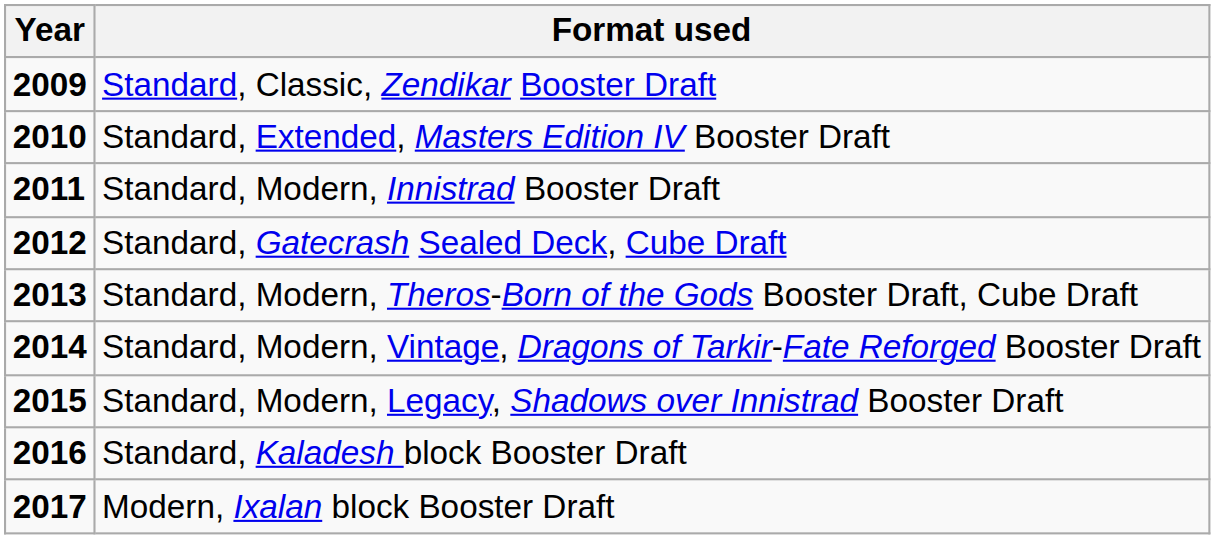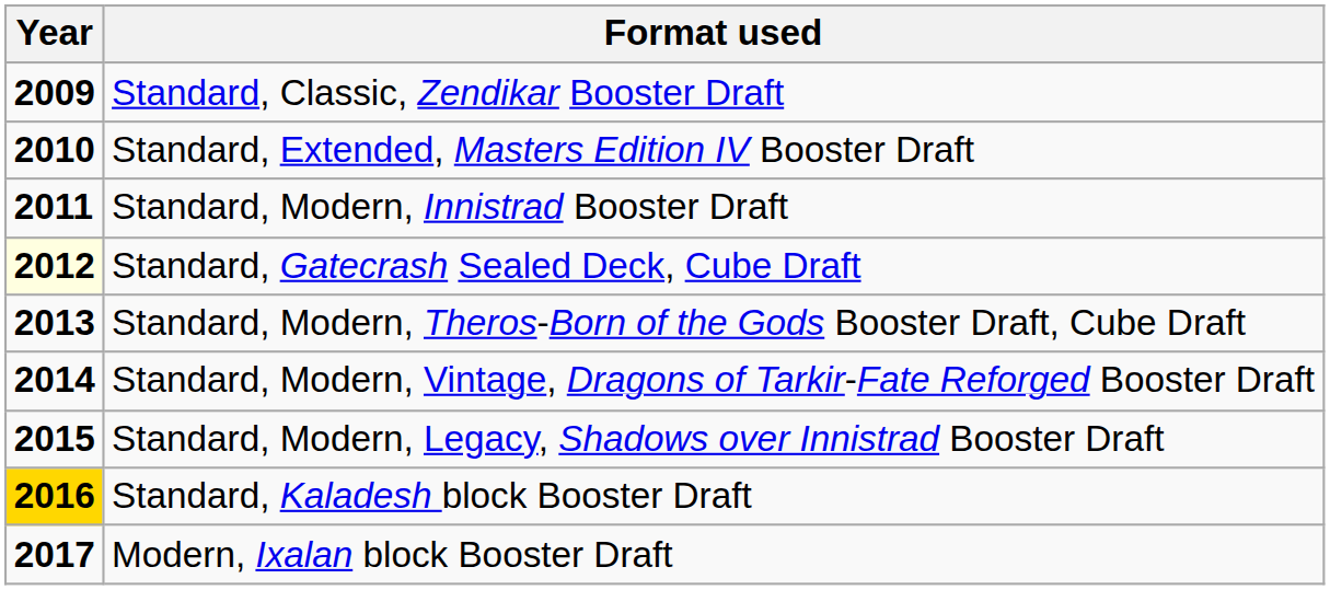 <table class="wikitable">
 <tr>
 <th>Year</th>
 <th>Format used</th>
 </tr>
 <tr>
 <td><strong>2009</strong></td>
 <td><a href='#'>Standard</a>, Classic, <em><a href='#'>Zendikar</a></em> <a href='#'>Booster Draft</a></td>
 </tr>
 <tr>
 <td><strong>2010</strong></td>
 <td>Standard, <a href='#'>Extended</a>, <em><a href='#'>Masters Edition IV</a></em> Booster Draft</td>
 </tr>
 <tr>
 <td><strong>2011</strong></td>
 <td>Standard, Modern, <em><a href='#'>Innistrad</a></em> Booster Draft</td>
 </tr>
 <tr>
-<td><strong>2012</strong></td>
+<td style="background: lightyellow;"><strong>2012</strong></td>
 <td>Standard, <em><a href='#'>Gatecrash</a></em> <a href='#'>Sealed Deck</a>, <a href='#'>Cube Draft</a></td>
 </tr>
 <tr>
 <td><strong>2013</strong></td>
 <td>Standard, Modern, <em><a href='#'>Theros</a></em>-<em><a href='#'>Born of the Gods</a></em> Booster Draft, Cube Draft</td>
 </tr>
 <tr>
 <td><strong>2014</strong></td>
 <td>Standard, Modern, <a href='#'>Vintage</a>, <em><a href='#'>Dragons of Tarkir</a></em>-<em><a href='#'>Fate Reforged</a></em> Booster Draft</td>
 </tr>
 <tr>
 <td><strong>2015</strong></td>
 <td>Standard, Modern, <a href='#'>Legacy</a>, <em><a href='#'>Shadows over Innistrad</a></em> Booster Draft</td>
 </tr>
 <tr>
-<td><strong>2016</strong></td>
+<td style="background: gold;"><strong>2016</strong></td>
 <td>Standard, <em><a href='#'>Kaladesh </a></em> block Booster Draft</td>
 </tr>
 <tr>
 <td><strong>2017</strong></td>
 <td>Modern, <em><a href='#'>Ixalan</a></em> block Booster Draft</td>
 </tr>
 </table>
